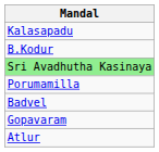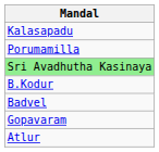 <table class="wikitable sortable static-row-numbers static-row-header-hash">
 <tr>
 <th>Mandal</th>
 </tr>
 <tr>
 <td><a href='#'>Kalasapadu</a></td>
 </tr>
 <tr>
-<td><a href='#'>B.Kodur</a></td>
+<td><a href='#'>Porumamilla</a></td>
 </tr>
 <tr>
 <td style="background: lightgreen;">Sri Avadhutha Kasinaya</td>
 </tr>
 <tr>
-<td><a href='#'>Porumamilla</a></td>
+<td><a href='#'>B.Kodur</a></td>
 </tr>
 <tr>
 <td><a href='#'>Badvel</a></td>
 </tr>
 <tr>
 <td><a href='#'>Gopavaram</a></td>
 </tr>
 <tr>
 <td><a href='#'>Atlur</a></td>
 </tr>
 </table>
